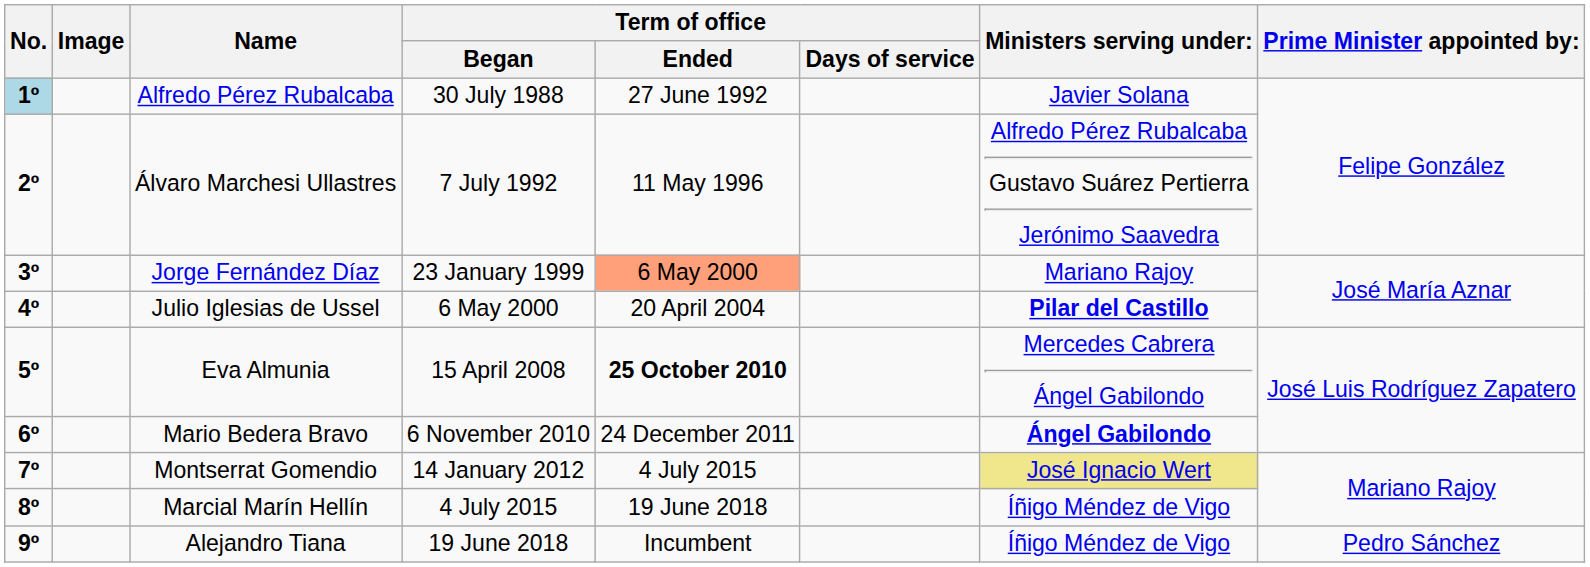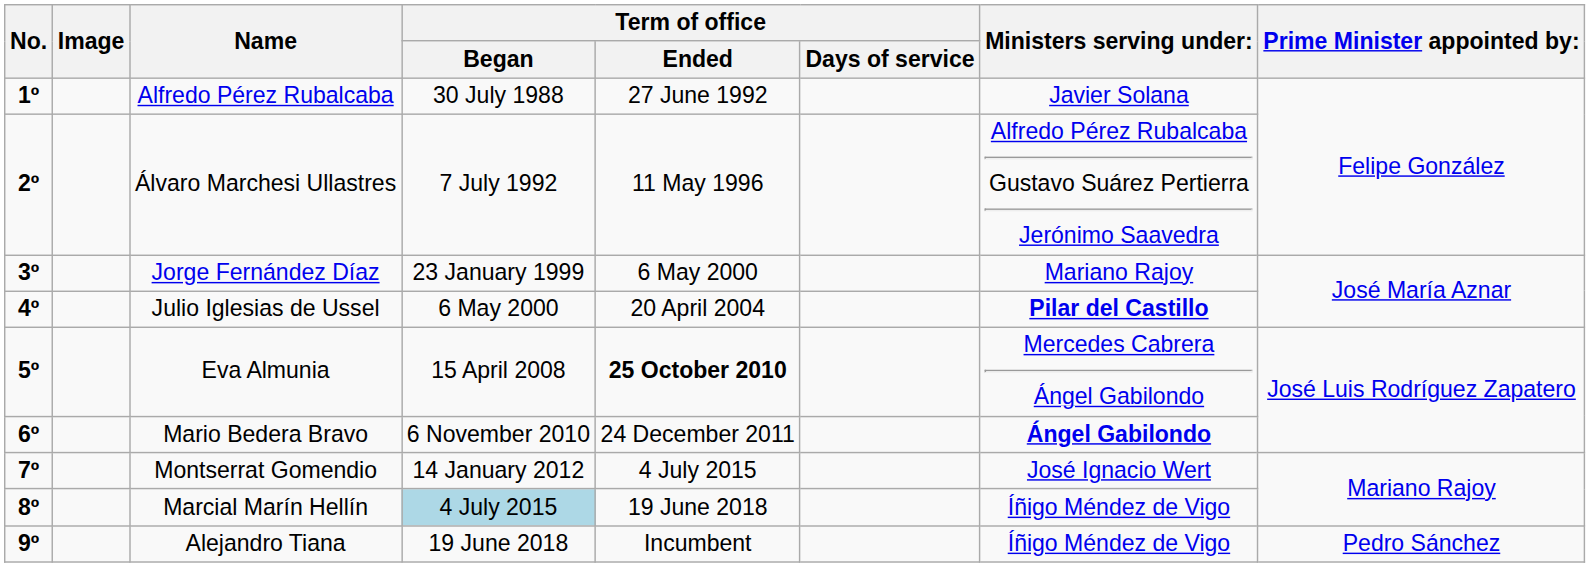 <table class="wikitable sortable" style="clear:right; text-align:center">
 <tr>
 <th rowspan="2">No.</th>
 <th rowspan="2">Image</th>
 <th rowspan="2">Name</th>
 <th colspan="3">Term of office</th>
 <th rowspan="2">Ministers serving under:</th>
 <th rowspan="2"><a href='#'>Prime Minister</a> appointed by:</th>
 </tr>
 <tr>
 <th>Began</th>
 <th>Ended</th>
 <th>Days of service</th>
 </tr>
 <tr>
-<td style="background: lightblue;"><strong>1º</strong></td>
+<td><strong>1º</strong></td>
 <td></td>
 <td><a href='#'>Alfredo Pérez Rubalcaba</a></td>
 <td>30 July 1988</td>
 <td>27 June 1992</td>
 <td></td>
 <td><a href='#'>Javier Solana</a></td>
 <td rowspan="2"><a href='#'>Felipe González</a></td>
 </tr>
 <tr>
 <td><strong>2º</strong></td>
 <td></td>
 <td>Álvaro Marchesi Ullastres</td>
 <td>7 July 1992</td>
 <td>11 May 1996</td>
 <td></td>
 <td><a href='#'>Alfredo Pérez Rubalcaba</a><hr>Gustavo Suárez Pertierra<hr><a href='#'>Jerónimo Saavedra</a></td>
 </tr>
 <tr>
 <td><strong>3º</strong></td>
 <td></td>
 <td><a href='#'>Jorge Fernández Díaz</a></td>
 <td>23 January 1999</td>
-<td style="background: lightsalmon;">6 May 2000</td>
+<td>6 May 2000</td>
 <td></td>
 <td><a href='#'>Mariano Rajoy</a></td>
 <td rowspan="2"><a href='#'>José María Aznar</a></td>
 </tr>
 <tr>
 <td><strong>4º</strong></td>
 <td></td>
 <td>Julio Iglesias de Ussel</td>
 <td>6 May 2000</td>
 <td>20 April 2004</td>
 <td></td>
 <td><strong><a href='#'>Pilar del Castillo</a></strong></td>
 </tr>
 <tr>
 <td><strong>5º</strong></td>
 <td></td>
 <td>Eva Almunia</td>
 <td>15 April 2008</td>
 <td><strong>25 October 2010</strong></td>
 <td></td>
 <td><a href='#'>Mercedes Cabrera</a><hr><a href='#'>Ángel Gabilondo</a></td>
 <td rowspan="2"><a href='#'>José Luis Rodríguez Zapatero</a></td>
 </tr>
 <tr>
 <td><strong>6º</strong></td>
 <td></td>
 <td>Mario Bedera Bravo</td>
 <td>6 November 2010</td>
 <td>24 December 2011</td>
 <td></td>
 <td><strong><a href='#'>Ángel Gabilondo</a></strong></td>
 </tr>
 <tr>
 <td><strong>7º</strong></td>
 <td></td>
 <td>Montserrat Gomendio</td>
 <td>14 January 2012</td>
 <td>4 July 2015</td>
 <td></td>
-<td style="background: khaki;"><a href='#'>José Ignacio Wert</a></td>
+<td><a href='#'>José Ignacio Wert</a></td>
 <td rowspan="2"><a href='#'>Mariano Rajoy</a></td>
 </tr>
 <tr>
 <td><strong>8º</strong></td>
 <td></td>
 <td>Marcial Marín Hellín</td>
-<td>4 July 2015</td>
+<td style="background: lightblue;">4 July 2015</td>
 <td>19 June 2018</td>
 <td></td>
 <td><a href='#'>Íñigo Méndez de Vigo</a></td>
 </tr>
 <tr>
 <td><strong>9º</strong></td>
 <td></td>
 <td>Alejandro Tiana</td>
 <td>19 June 2018</td>
 <td>Incumbent</td>
 <td></td>
 <td><a href='#'>Íñigo Méndez de Vigo</a></td>
 <td><a href='#'>Pedro Sánchez</a></td>
 </tr>
 </table>
